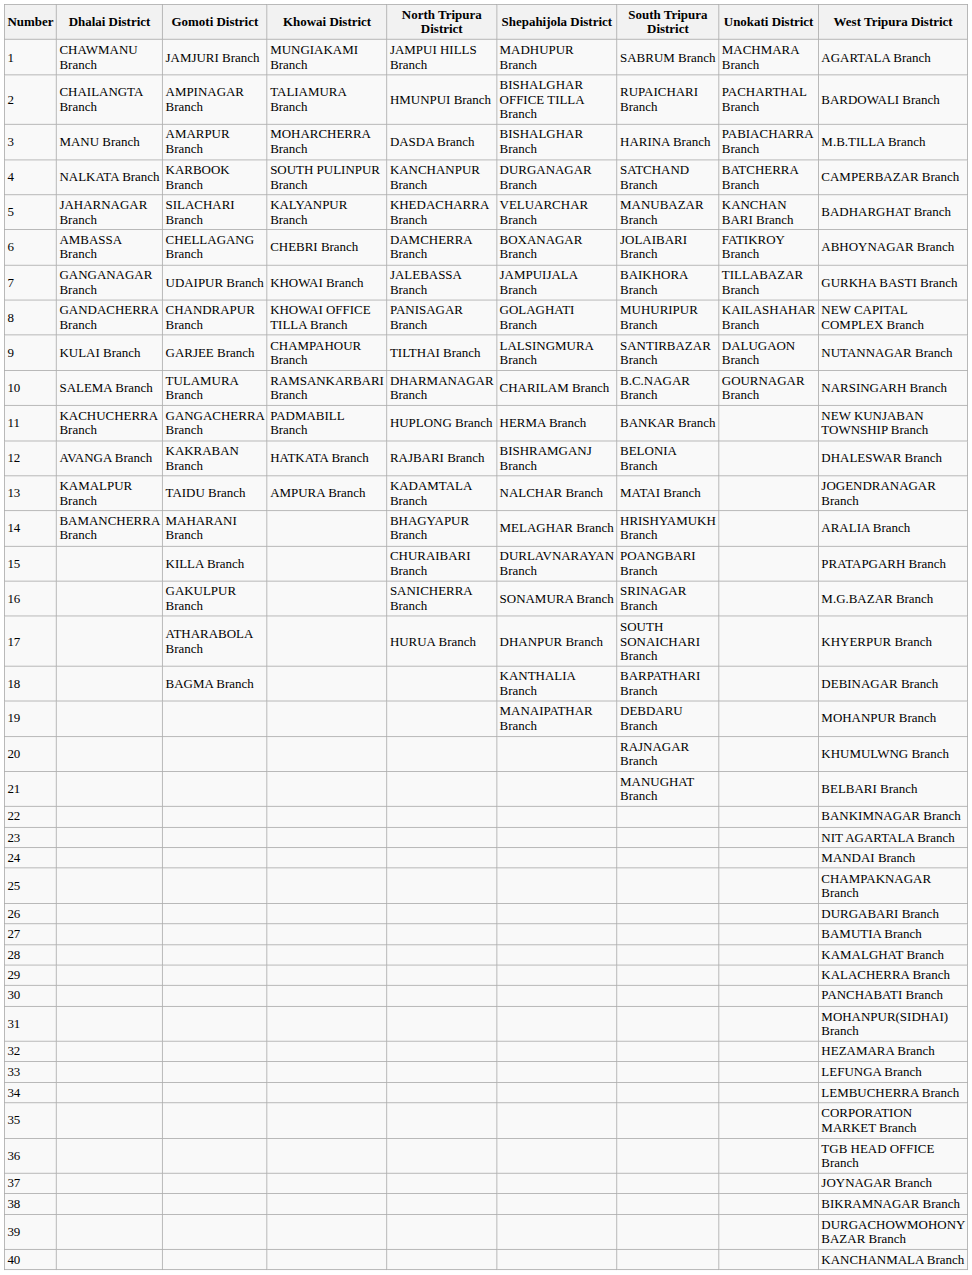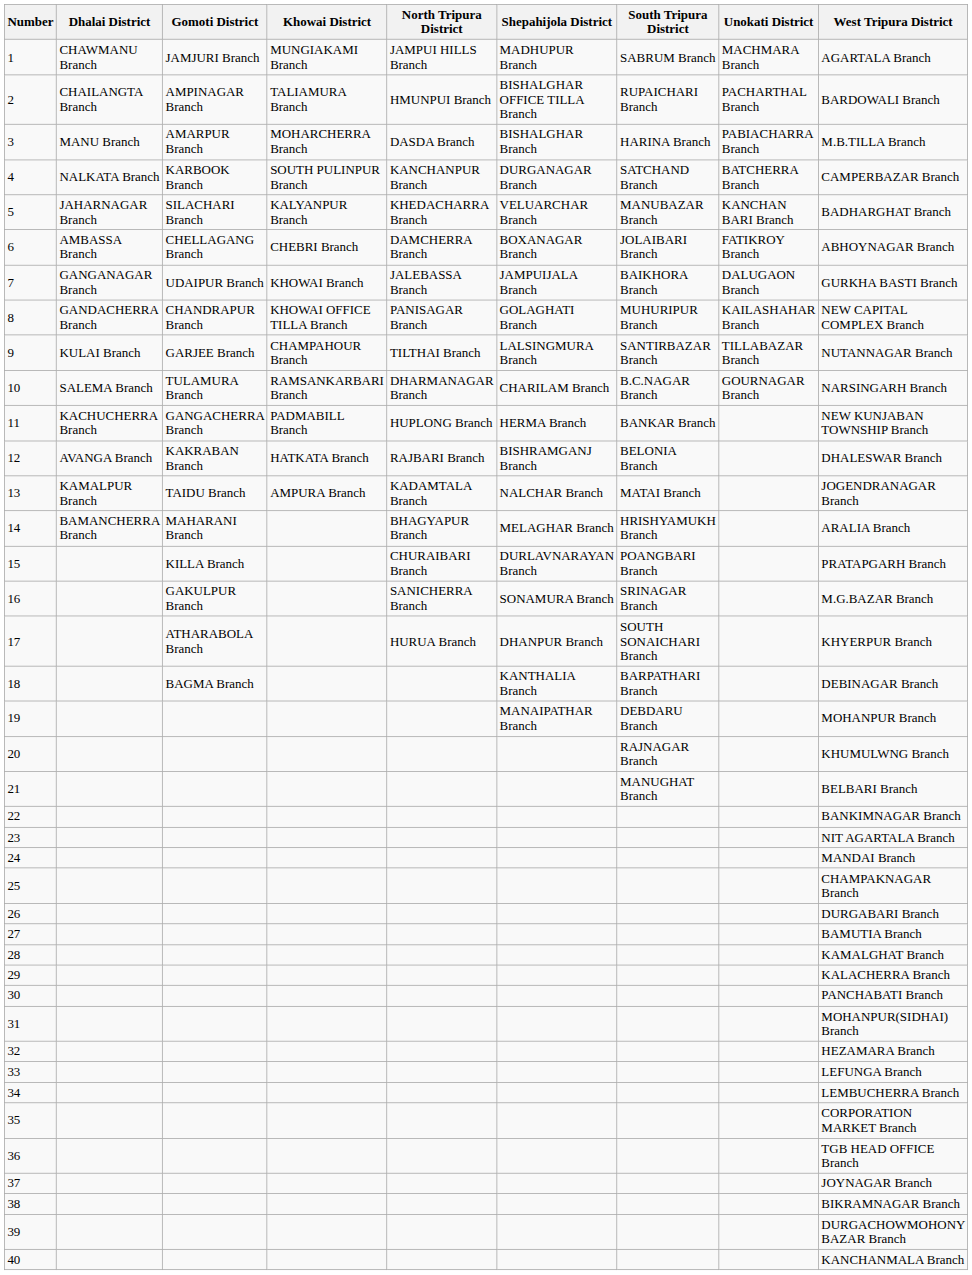 <table class="wikitable sortable">
 <tr>
 <th scope="c.ol" style="width:30px;">Number</th>
 <th scope="col">Dhalai District</th>
 <th scope="col">Gomoti District</th>
 <th scope="col">Khowai District</th>
 <th scope="col">North Tripura District</th>
 <th scope="col">Shepahijola District</th>
 <th scope="col">South Tripura District</th>
 <th scope="col">Unokati District</th>
 <th scope="col">West Tripura District</th>
 </tr>
 <tr>
 <td>1</td>
 <td>CHAWMANU Branch</td>
 <td>JAMJURI Branch</td>
 <td>MUNGIAKAMI Branch</td>
 <td>JAMPUI HILLS Branch</td>
 <td>MADHUPUR Branch</td>
 <td>SABRUM Branch</td>
 <td>MACHMARA Branch</td>
 <td>AGARTALA Branch</td>
 </tr>
 <tr>
 <td>2</td>
 <td>CHAILANGTA Branch</td>
 <td>AMPINAGAR Branch</td>
 <td>TALIAMURA Branch</td>
 <td>HMUNPUI Branch</td>
 <td>BISHALGHAR OFFICE TILLA Branch</td>
 <td>RUPAICHARI Branch</td>
 <td>PACHARTHAL Branch</td>
 <td>BARDOWALI Branch</td>
 </tr>
 <tr>
 <td>3</td>
 <td>MANU Branch</td>
 <td>AMARPUR Branch</td>
 <td>MOHARCHERRA Branch</td>
 <td>DASDA Branch</td>
 <td>BISHALGHAR Branch</td>
 <td>HARINA Branch</td>
 <td>PABIACHARRA Branch</td>
 <td>M.B.TILLA Branch</td>
 </tr>
 <tr>
 <td>4</td>
 <td>NALKATA Branch</td>
 <td>KARBOOK Branch</td>
 <td>SOUTH PULINPUR Branch</td>
 <td>KANCHANPUR Branch</td>
 <td>DURGANAGAR Branch</td>
 <td>SATCHAND Branch</td>
 <td>BATCHERRA Branch</td>
 <td>CAMPERBAZAR Branch</td>
 </tr>
 <tr>
 <td>5</td>
 <td>JAHARNAGAR Branch</td>
 <td>SILACHARI Branch</td>
 <td>KALYANPUR Branch</td>
 <td>KHEDACHARRA Branch</td>
 <td>VELUARCHAR Branch</td>
 <td>MANUBAZAR Branch</td>
 <td>KANCHAN BARI Branch</td>
 <td>BADHARGHAT Branch</td>
 </tr>
 <tr>
 <td>6</td>
 <td>AMBASSA Branch</td>
 <td>CHELLAGANG Branch</td>
 <td>CHEBRI Branch</td>
 <td>DAMCHERRA Branch</td>
 <td>BOXANAGAR Branch</td>
 <td>JOLAIBARI Branch</td>
 <td>FATIKROY Branch</td>
 <td>ABHOYNAGAR Branch</td>
 </tr>
 <tr>
 <td>7</td>
 <td>GANGANAGAR Branch</td>
 <td>UDAIPUR Branch</td>
 <td>KHOWAI Branch</td>
 <td>JALEBASSA Branch</td>
 <td>JAMPUIJALA Branch</td>
 <td>BAIKHORA Branch</td>
-<td>TILLABAZAR Branch</td>
+<td>DALUGAON Branch</td>
 <td>GURKHA BASTI Branch</td>
 </tr>
 <tr>
 <td>8</td>
 <td>GANDACHERRA Branch</td>
 <td>CHANDRAPUR Branch</td>
 <td>KHOWAI OFFICE TILLA Branch</td>
 <td>PANISAGAR Branch</td>
 <td>GOLAGHATI Branch</td>
 <td>MUHURIPUR Branch</td>
 <td>KAILASHAHAR Branch</td>
 <td>NEW CAPITAL COMPLEX Branch</td>
 </tr>
 <tr>
 <td>9</td>
 <td>KULAI Branch</td>
 <td>GARJEE Branch</td>
 <td>CHAMPAHOUR Branch</td>
 <td>TILTHAI Branch</td>
 <td>LALSINGMURA Branch</td>
 <td>SANTIRBAZAR Branch</td>
-<td>DALUGAON Branch</td>
+<td>TILLABAZAR Branch</td>
 <td>NUTANNAGAR Branch</td>
 </tr>
 <tr>
 <td>10</td>
 <td>SALEMA Branch</td>
 <td>TULAMURA Branch</td>
 <td>RAMSANKARBARI Branch</td>
 <td>DHARMANAGAR Branch</td>
 <td>CHARILAM Branch</td>
 <td>B.C.NAGAR Branch</td>
 <td>GOURNAGAR Branch</td>
 <td>NARSINGARH Branch</td>
 </tr>
 <tr>
 <td>11</td>
 <td>KACHUCHERRA Branch</td>
 <td>GANGACHERRA Branch</td>
 <td>PADMABILL Branch</td>
 <td>HUPLONG Branch</td>
 <td>HERMA Branch</td>
 <td>BANKAR Branch</td>
 <td></td>
 <td>NEW KUNJABAN TOWNSHIP Branch</td>
 </tr>
 <tr>
 <td>12</td>
 <td>AVANGA Branch</td>
 <td>KAKRABAN Branch</td>
 <td>HATKATA Branch</td>
 <td>RAJBARI Branch</td>
 <td>BISHRAMGANJ Branch</td>
 <td>BELONIA Branch</td>
 <td></td>
 <td>DHALESWAR Branch</td>
 </tr>
 <tr>
 <td>13</td>
 <td>KAMALPUR Branch</td>
 <td>TAIDU Branch</td>
 <td>AMPURA Branch</td>
 <td>KADAMTALA Branch</td>
 <td>NALCHAR Branch</td>
 <td>MATAI Branch</td>
 <td></td>
 <td>JOGENDRANAGAR Branch</td>
 </tr>
 <tr>
 <td>14</td>
 <td>BAMANCHERRA Branch</td>
 <td>MAHARANI Branch</td>
 <td></td>
 <td>BHAGYAPUR Branch</td>
 <td>MELAGHAR Branch</td>
 <td>HRISHYAMUKH Branch</td>
 <td></td>
 <td>ARALIA Branch</td>
 </tr>
 <tr>
 <td>15</td>
 <td></td>
 <td>KILLA Branch</td>
 <td></td>
 <td>CHURAIBARI Branch</td>
 <td>DURLAVNARAYAN Branch</td>
 <td>POANGBARI Branch</td>
 <td></td>
 <td>PRATAPGARH Branch</td>
 </tr>
 <tr>
 <td>16</td>
 <td></td>
 <td>GAKULPUR Branch</td>
 <td></td>
 <td>SANICHERRA Branch</td>
 <td>SONAMURA Branch</td>
 <td>SRINAGAR Branch</td>
 <td></td>
 <td>M.G.BAZAR Branch</td>
 </tr>
 <tr>
 <td>17</td>
 <td></td>
 <td>ATHARABOLA Branch</td>
 <td></td>
 <td>HURUA Branch</td>
 <td>DHANPUR Branch</td>
 <td>SOUTH SONAICHARI Branch</td>
 <td></td>
 <td>KHYERPUR Branch</td>
 </tr>
 <tr>
 <td>18</td>
 <td></td>
 <td>BAGMA Branch</td>
 <td></td>
 <td></td>
 <td>KANTHALIA Branch</td>
 <td>BARPATHARI Branch</td>
 <td></td>
 <td>DEBINAGAR Branch</td>
 </tr>
 <tr>
 <td>19</td>
 <td></td>
 <td></td>
 <td></td>
 <td></td>
 <td>MANAIPATHAR Branch</td>
 <td>DEBDARU Branch</td>
 <td></td>
 <td>MOHANPUR Branch</td>
 </tr>
 <tr>
 <td>20</td>
 <td></td>
 <td></td>
 <td></td>
 <td></td>
 <td></td>
 <td>RAJNAGAR Branch</td>
 <td></td>
 <td>KHUMULWNG Branch</td>
 </tr>
 <tr>
 <td>21</td>
 <td></td>
 <td></td>
 <td></td>
 <td></td>
 <td></td>
 <td>MANUGHAT Branch</td>
 <td></td>
 <td>BELBARI Branch</td>
 </tr>
 <tr>
 <td>22</td>
 <td></td>
 <td></td>
 <td></td>
 <td></td>
 <td></td>
 <td></td>
 <td></td>
 <td>BANKIMNAGAR Branch</td>
 </tr>
 <tr>
 <td>23</td>
 <td></td>
 <td></td>
 <td></td>
 <td></td>
 <td></td>
 <td></td>
 <td></td>
 <td>NIT AGARTALA Branch</td>
 </tr>
 <tr>
 <td>24</td>
 <td></td>
 <td></td>
 <td></td>
 <td></td>
 <td></td>
 <td></td>
 <td></td>
 <td>MANDAI Branch</td>
 </tr>
 <tr>
 <td>25</td>
 <td></td>
 <td></td>
 <td></td>
 <td></td>
 <td></td>
 <td></td>
 <td></td>
 <td>CHAMPAKNAGAR Branch</td>
 </tr>
 <tr>
 <td>26</td>
 <td></td>
 <td></td>
 <td></td>
 <td></td>
 <td></td>
 <td></td>
 <td></td>
 <td>DURGABARI Branch</td>
 </tr>
 <tr>
 <td>27</td>
 <td></td>
 <td></td>
 <td></td>
 <td></td>
 <td></td>
 <td></td>
 <td></td>
 <td>BAMUTIA Branch</td>
 </tr>
 <tr>
 <td>28</td>
 <td></td>
 <td></td>
 <td></td>
 <td></td>
 <td></td>
 <td></td>
 <td></td>
 <td>KAMALGHAT Branch</td>
 </tr>
 <tr>
 <td>29</td>
 <td></td>
 <td></td>
 <td></td>
 <td></td>
 <td></td>
 <td></td>
 <td></td>
 <td>KALACHERRA Branch</td>
 </tr>
 <tr>
 <td>30</td>
 <td></td>
 <td></td>
 <td></td>
 <td></td>
 <td></td>
 <td></td>
 <td></td>
 <td>PANCHABATI Branch</td>
 </tr>
 <tr>
 <td>31</td>
 <td></td>
 <td></td>
 <td></td>
 <td></td>
 <td></td>
 <td></td>
 <td></td>
 <td>MOHANPUR(SIDHAI) Branch</td>
 </tr>
 <tr>
 <td>32</td>
 <td></td>
 <td></td>
 <td></td>
 <td></td>
 <td></td>
 <td></td>
 <td></td>
 <td>HEZAMARA Branch</td>
 </tr>
 <tr>
 <td>33</td>
 <td></td>
 <td></td>
 <td></td>
 <td></td>
 <td></td>
 <td></td>
 <td></td>
 <td>LEFUNGA Branch</td>
 </tr>
 <tr>
 <td>34</td>
 <td></td>
 <td></td>
 <td></td>
 <td></td>
 <td></td>
 <td></td>
 <td></td>
 <td>LEMBUCHERRA Branch</td>
 </tr>
 <tr>
 <td>35</td>
 <td></td>
 <td></td>
 <td></td>
 <td></td>
 <td></td>
 <td></td>
 <td></td>
 <td>CORPORATION MARKET Branch</td>
 </tr>
 <tr>
 <td>36</td>
 <td></td>
 <td></td>
 <td></td>
 <td></td>
 <td></td>
 <td></td>
 <td></td>
 <td>TGB HEAD OFFICE Branch</td>
 </tr>
 <tr>
 <td>37</td>
 <td></td>
 <td></td>
 <td></td>
 <td></td>
 <td></td>
 <td></td>
 <td></td>
 <td>JOYNAGAR Branch</td>
 </tr>
 <tr>
 <td>38</td>
 <td></td>
 <td></td>
 <td></td>
 <td></td>
 <td></td>
 <td></td>
 <td></td>
 <td>BIKRAMNAGAR Branch</td>
 </tr>
 <tr>
 <td>39</td>
 <td></td>
 <td></td>
 <td></td>
 <td></td>
 <td></td>
 <td></td>
 <td></td>
 <td>DURGACHOWMOHONY BAZAR Branch</td>
 </tr>
 <tr>
 <td>40</td>
 <td></td>
 <td></td>
 <td></td>
 <td></td>
 <td></td>
 <td></td>
 <td></td>
 <td>KANCHANMALA Branch</td>
 </tr>
 </table>
